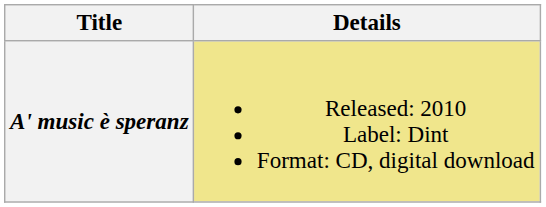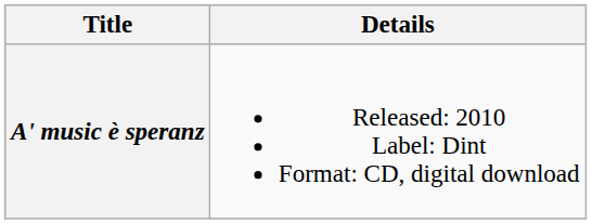 <table class="wikitable plainrowheaders" style="text-align:center">
 <tr>
 <th>Title</th>
 <th>Details</th>
 </tr>
 <tr>
 <th scope="row"><em>A' music è speranz</em></th>
-<td style="background: khaki;"><br><ul><li>Released: 2010</li><li>Label: Dint</li><li>Format: CD, digital download</li></ul></td>
+<td><br><ul><li>Released: 2010</li><li>Label: Dint</li><li>Format: CD, digital download</li></ul></td>
 </tr>
 </table>
